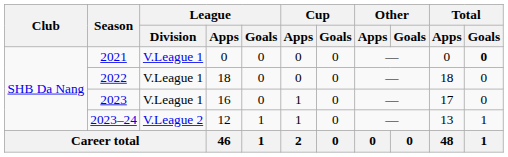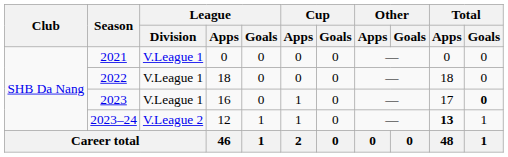 <table class=wikitable style=text-align:center>
 <tr>
 <th rowspan=2>Club</th>
 <th rowspan=2>Season</th>
 <th colspan=3>League</th>
 <th colspan=2>Cup</th>
 <th colspan=2>Other</th>
 <th colspan=2>Total</th>
 </tr>
 <tr>
 <th>Division</th>
 <th>Apps</th>
 <th>Goals</th>
 <th>Apps</th>
 <th>Goals</th>
 <th>Apps</th>
 <th>Goals</th>
 <th>Apps</th>
 <th>Goals</th>
 </tr>
 <tr>
 <td rowspan=4><a href='#'>SHB Da Nang</a></td>
 <td><a href='#'>2021</a></td>
 <td><a href='#'>V.League 1</a></td>
 <td>0</td>
 <td>0</td>
 <td>0</td>
 <td>0</td>
 <td colspan=2>—</td>
 <td>0</td>
-<td><strong>0</strong></td>
+<td>0</td>
 </tr>
 <tr>
 <td><a href='#'>2022</a></td>
 <td>V.League 1</td>
 <td>18</td>
 <td>0</td>
 <td>0</td>
 <td>0</td>
 <td colspan=2>—</td>
 <td>18</td>
 <td>0</td>
 </tr>
 <tr>
 <td><a href='#'>2023</a></td>
 <td>V.League 1</td>
 <td>16</td>
 <td>0</td>
 <td>1</td>
 <td>0</td>
 <td colspan=2>—</td>
 <td>17</td>
-<td>0</td>
+<td><strong>0</strong></td>
 </tr>
 <tr>
 <td><a href='#'>2023–24</a></td>
 <td><a href='#'>V.League 2</a></td>
 <td>12</td>
 <td>1</td>
 <td>1</td>
 <td>0</td>
 <td colspan=2>—</td>
-<td>13</td>
+<td><strong>13</strong></td>
 <td>1</td>
 </tr>
 <tr>
 <th colspan=3>Career total</th>
 <th>46</th>
 <th>1</th>
 <th>2</th>
 <th>0</th>
 <th>0</th>
 <th>0</th>
 <th>48</th>
 <th>1</th>
 </tr>
 </table>
